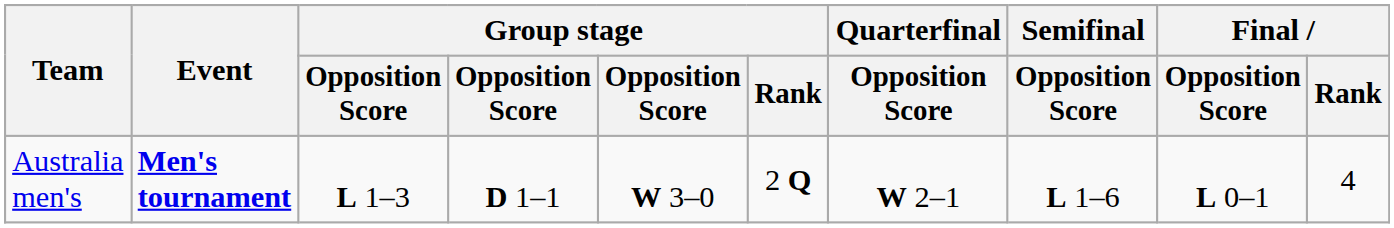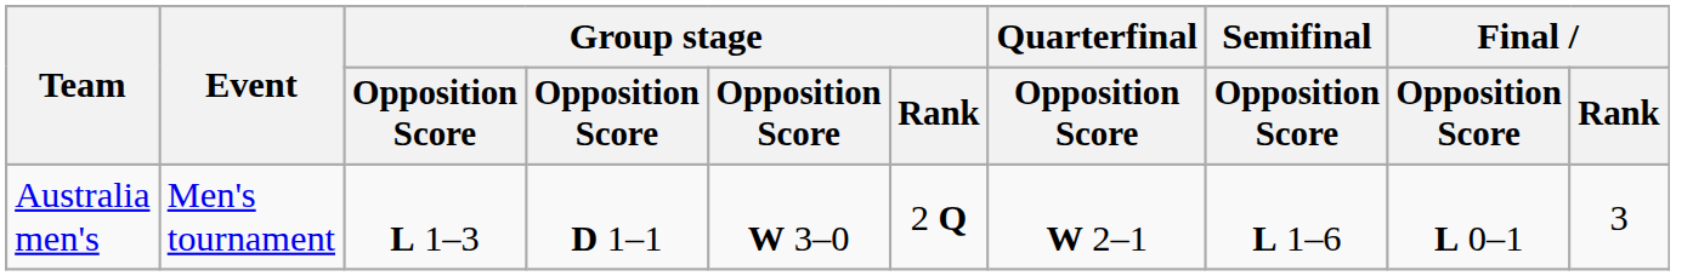 <table class=wikitable style=font-size:90%;text-align:center>
 <tr>
 <th rowspan=2>Team</th>
 <th rowspan=2>Event</th>
 <th colspan=4>Group stage</th>
 <th>Quarterfinal</th>
 <th>Semifinal</th>
 <th colspan=2>Final / </th>
 </tr>
 <tr style=font-size:95%>
 <th>Opposition<br>Score</th>
 <th>Opposition<br>Score</th>
 <th>Opposition<br>Score</th>
 <th>Rank</th>
 <th>Opposition<br>Score</th>
 <th>Opposition<br>Score</th>
 <th>Opposition<br>Score</th>
 <th>Rank</th>
 </tr>
 <tr>
 <td align=left><a href='#'>Australia men's</a></td>
-<td align=left><strong><a href='#'>Men's tournament</a></strong></td>
+<td align=left><a href='#'>Men's tournament</a></td>
 <td><br><strong>L</strong> 1–3</td>
 <td><br><strong>D</strong> 1–1</td>
 <td><br><strong>W</strong> 3–0</td>
 <td>2 <strong>Q</strong></td>
 <td><br><strong>W</strong> 2–1</td>
 <td><br><strong>L</strong> 1–6</td>
 <td><br><strong>L</strong> 0–1</td>
-<td>4</td>
+<td>3</td>
 </tr>
 </table>
